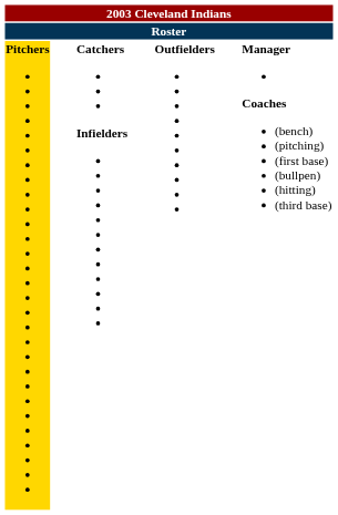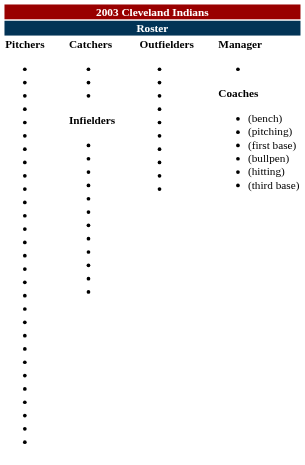 <table class="toccolours" style="font-size: 95%;">
 <tr>
 <th colspan="10" style="background-color: #990000; color: white; text-align: center;">2003 Cleveland Indians</th>
 </tr>
 <tr>
 <td colspan="10" style="background-color: #023456; color: #FFFFFF; text-align: center;"><strong>Roster</strong></td>
 </tr>
 <tr>
-<td valign="top" style="background: gold;"><strong>Pitchers</strong><br><ul><li></li><li></li><li></li><li></li><li></li><li></li><li></li><li></li><li></li><li></li><li></li><li></li><li></li><li></li><li></li><li></li><li></li><li></li><li></li><li></li><li></li><li></li><li></li><li></li><li></li><li></li><li></li><li></li><li></li></ul></td>
+<td valign="top"><strong>Pitchers</strong><br><ul><li></li><li></li><li></li><li></li><li></li><li></li><li></li><li></li><li></li><li></li><li></li><li></li><li></li><li></li><li></li><li></li><li></li><li></li><li></li><li></li><li></li><li></li><li></li><li></li><li></li><li></li><li></li><li></li><li></li></ul></td>
 <td width="25px"></td>
 <td valign="top"><strong>Catchers</strong><br><ul><li></li><li></li><li></li></ul><strong>Infielders</strong><ul><li></li><li></li><li></li><li></li><li></li><li></li><li></li><li></li><li></li><li></li><li></li><li></li></ul></td>
 <td width="25px"></td>
 <td valign="top"><strong>Outfielders</strong><br><ul><li></li><li></li><li></li><li></li><li></li><li></li><li></li><li></li><li></li><li></li></ul></td>
 <td width="25px"></td>
 <td valign="top"><strong>Manager</strong><br><ul><li></li></ul><strong>Coaches</strong><ul><li> (bench)</li><li> (pitching)</li><li> (first base)</li><li> (bullpen)</li><li> (hitting)</li><li> (third base)</li></ul></td>
 </tr>
 </table>
